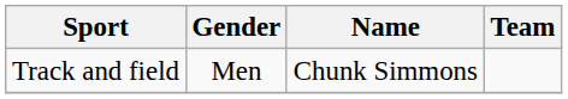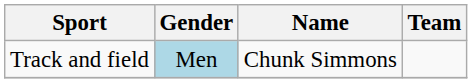 <table class="wikitable" style="text-align: center;">
 <tr>
 <th>Sport</th>
 <th>Gender</th>
 <th>Name</th>
 <th>Team</th>
 </tr>
 <tr>
 <td>Track and field</td>
-<td>Men</td>
+<td style="background: lightblue;">Men</td>
 <td>Chunk Simmons</td>
 <td></td>
 </tr>
 <tr>
 </tr>
 </table>
